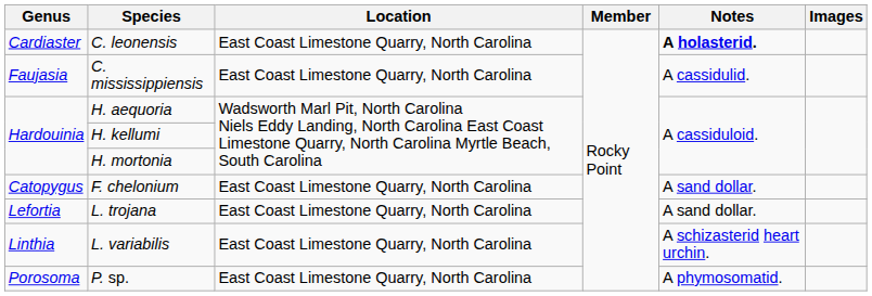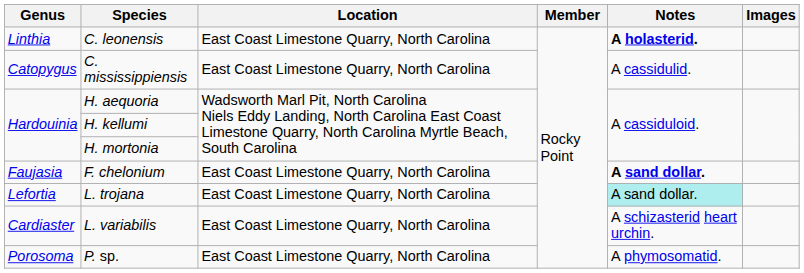 <table class="wikitable" width="100%" align="center">
 <tr>
 <th>Genus</th>
 <th>Species</th>
 <th>Location</th>
 <th>Member</th>
 <th>Notes</th>
 <th>Images</th>
 </tr>
 <tr>
-<td><em><a href='#'>Cardiaster</a></em></td>
+<td><em><a href='#'>Linthia</a></em></td>
 <td><em>C. leonensis</em></td>
 <td>East Coast Limestone Quarry, North Carolina</td>
 <td rowspan="9">Rocky Point</td>
 <td><strong>A <a href='#'>holasterid</a>.</strong></td>
 <td></td>
 </tr>
 <tr>
-<td><em><a href='#'>Faujasia</a></em></td>
+<td><em><a href='#'>Catopygus</a></em></td>
 <td><em>C. mississippiensis</em></td>
 <td>East Coast Limestone Quarry, North Carolina</td>
 <td>A <a href='#'>cassidulid</a>.</td>
 <td></td>
 </tr>
 <tr>
 <td rowspan="3"><em><a href='#'>Hardouinia</a></em></td>
 <td><em>H. aequoria</em></td>
 <td rowspan="3">Wadsworth Marl Pit, North Carolina<br>Niels Eddy Landing, North Carolina East Coast Limestone Quarry, North Carolina Myrtle Beach, South Carolina</td>
 <td rowspan="3">A <a href='#'>cassiduloid</a>.</td>
 <td rowspan="3"></td>
 </tr>
 <tr>
 <td><em>H. kellumi</em></td>
 </tr>
 <tr>
 <td><em>H. mortonia</em></td>
 </tr>
 <tr>
-<td><em><a href='#'>Catopygus</a></em></td>
+<td><em><a href='#'>Faujasia</a></em></td>
 <td><em>F. chelonium</em></td>
 <td>East Coast Limestone Quarry, North Carolina</td>
-<td>A <a href='#'>sand dollar</a>.</td>
+<td><strong>A <a href='#'>sand dollar</a>.</strong></td>
 <td></td>
 </tr>
 <tr>
 <td><em><a href='#'>Lefortia</a></em></td>
 <td><em>L. trojana</em></td>
 <td>East Coast Limestone Quarry, North Carolina</td>
-<td>A sand dollar.</td>
+<td style="background: paleturquoise;">A sand dollar.</td>
 <td></td>
 </tr>
 <tr>
-<td><em><a href='#'>Linthia</a></em></td>
+<td><em><a href='#'>Cardiaster</a></em></td>
 <td><em>L. variabilis</em></td>
 <td>East Coast Limestone Quarry, North Carolina</td>
 <td>A <a href='#'>schizasterid</a> <a href='#'>heart urchin</a>.</td>
 <td></td>
 </tr>
 <tr>
 <td><em><a href='#'>Porosoma</a></em></td>
 <td><em>P.</em> sp.</td>
 <td>East Coast Limestone Quarry, North Carolina</td>
 <td>A <a href='#'>phymosomatid</a>.</td>
 <td></td>
 </tr>
 </table>
